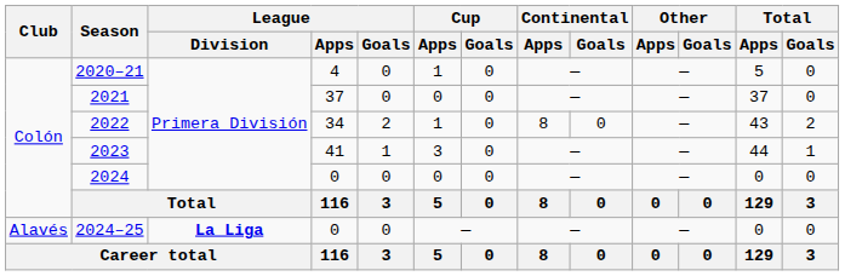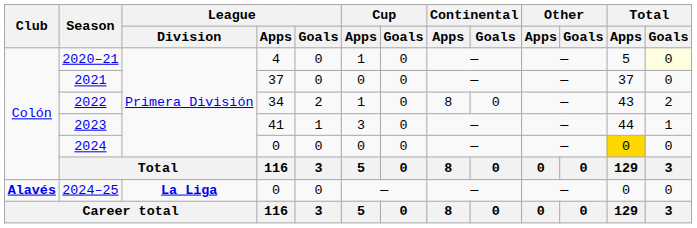 <table class="wikitable" style="text-align:center">
 <tr>
 <th rowspan="2">Club</th>
 <th rowspan="2">Season</th>
 <th colspan="3">League</th>
 <th colspan="2">Cup</th>
 <th colspan="2">Continental</th>
 <th colspan="2">Other</th>
 <th colspan="2">Total</th>
 </tr>
 <tr>
 <th>Division</th>
 <th>Apps</th>
 <th>Goals</th>
 <th>Apps</th>
 <th>Goals</th>
 <th>Apps</th>
 <th>Goals</th>
 <th>Apps</th>
 <th>Goals</th>
 <th>Apps</th>
 <th>Goals</th>
 </tr>
 <tr>
 <td rowspan="6"><a href='#'>Colón</a></td>
 <td><a href='#'>2020–21</a></td>
 <td rowspan="5"><a href='#'>Primera División</a></td>
 <td>4</td>
 <td>0</td>
 <td>1</td>
 <td>0</td>
 <td colspan="2">—</td>
 <td colspan="2">—</td>
 <td>5</td>
-<td>0</td>
+<td style="background: lightyellow;">0</td>
 </tr>
 <tr>
 <td><a href='#'>2021</a></td>
 <td>37</td>
 <td>0</td>
 <td>0</td>
 <td>0</td>
 <td colspan="2">—</td>
 <td colspan="2">—</td>
 <td>37</td>
 <td>0</td>
 </tr>
 <tr>
 <td><a href='#'>2022</a></td>
 <td>34</td>
 <td>2</td>
 <td>1</td>
 <td>0</td>
 <td>8</td>
 <td>0</td>
 <td colspan="2">—</td>
 <td>43</td>
 <td>2</td>
 </tr>
 <tr>
 <td><a href='#'>2023</a></td>
 <td>41</td>
 <td>1</td>
 <td>3</td>
 <td>0</td>
 <td colspan="2">—</td>
 <td colspan="2">—</td>
 <td>44</td>
 <td>1</td>
 </tr>
 <tr>
 <td><a href='#'>2024</a></td>
 <td>0</td>
 <td>0</td>
 <td>0</td>
 <td>0</td>
 <td colspan="2">—</td>
 <td colspan="2">—</td>
-<td>0</td>
+<td style="background: gold;">0</td>
 <td>0</td>
 </tr>
 <tr>
 <th colspan="2">Total</th>
 <th>116</th>
 <th>3</th>
 <th>5</th>
 <th>0</th>
 <th>8</th>
 <th>0</th>
 <th>0</th>
 <th>0</th>
 <th>129</th>
 <th>3</th>
 </tr>
 <tr>
-<td><a href='#'>Alavés</a></td>
+<td><strong><a href='#'>Alavés</a></strong></td>
 <td><a href='#'>2024–25</a></td>
 <td><strong><a href='#'>La Liga</a></strong></td>
 <td>0</td>
 <td>0</td>
 <td colspan="2">—</td>
 <td colspan="2">—</td>
 <td colspan="2">—</td>
 <td>0</td>
 <td>0</td>
 </tr>
 <tr>
 <th colspan="3"><strong>Career total</strong></th>
 <th>116</th>
 <th>3</th>
 <th>5</th>
 <th>0</th>
 <th>8</th>
 <th>0</th>
 <th>0</th>
 <th>0</th>
 <th>129</th>
 <th>3</th>
 </tr>
 </table>
